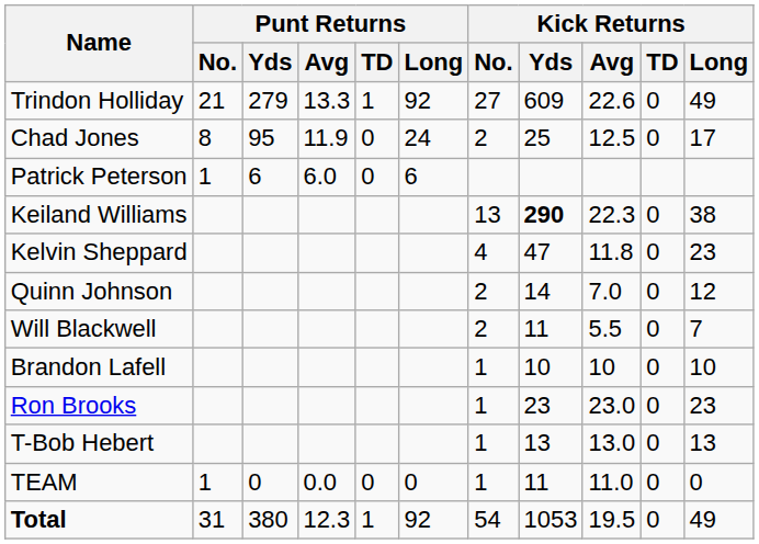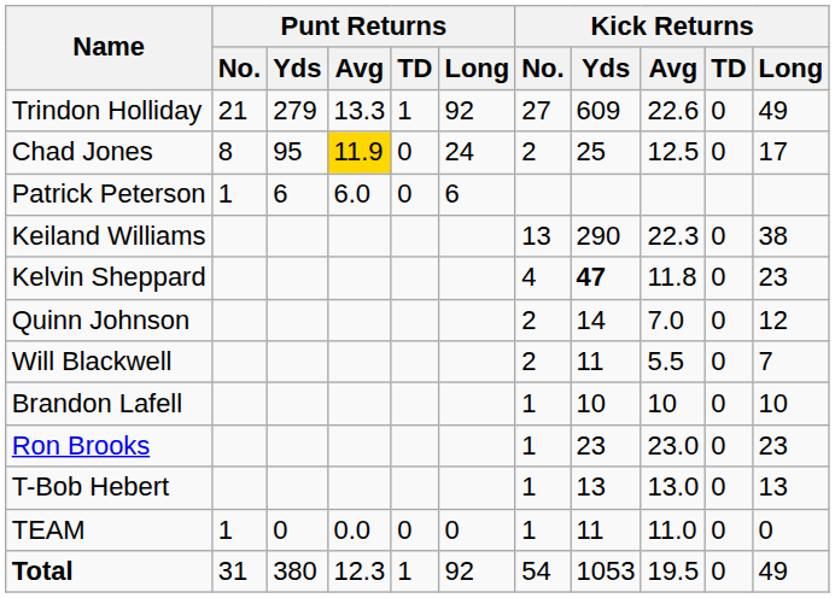 <table class="wikitable" style="white-space:nowrap;">
 <tr>
 <th rowspan="2">Name</th>
 <th colspan="5">Punt Returns</th>
 <th colspan="5">Kick Returns</th>
 </tr>
 <tr>
 <th>No.</th>
 <th>Yds</th>
 <th>Avg</th>
 <th>TD</th>
 <th>Long</th>
 <th>No.</th>
 <th>Yds</th>
 <th>Avg</th>
 <th>TD</th>
 <th>Long</th>
 </tr>
 <tr>
 <td>Trindon Holliday</td>
 <td>21</td>
 <td>279</td>
 <td>13.3</td>
 <td>1</td>
 <td>92</td>
 <td>27</td>
 <td>609</td>
 <td>22.6</td>
 <td>0</td>
 <td>49</td>
 </tr>
 <tr>
 <td>Chad Jones</td>
 <td>8</td>
 <td>95</td>
-<td>11.9</td>
+<td style="background: gold;">11.9</td>
 <td>0</td>
 <td>24</td>
 <td>2</td>
 <td>25</td>
 <td>12.5</td>
 <td>0</td>
 <td>17</td>
 </tr>
 <tr>
 <td>Patrick Peterson</td>
 <td>1</td>
 <td>6</td>
 <td>6.0</td>
 <td>0</td>
 <td>6</td>
 <td></td>
 <td></td>
 <td></td>
 <td></td>
 <td></td>
 </tr>
 <tr>
 <td>Keiland Williams</td>
 <td></td>
 <td></td>
 <td></td>
 <td></td>
 <td></td>
 <td>13</td>
-<td><strong>290</strong></td>
+<td>290</td>
 <td>22.3</td>
 <td>0</td>
 <td>38</td>
 </tr>
 <tr>
 <td>Kelvin Sheppard</td>
 <td></td>
 <td></td>
 <td></td>
 <td></td>
 <td></td>
 <td>4</td>
-<td>47</td>
+<td><strong>47</strong></td>
 <td>11.8</td>
 <td>0</td>
 <td>23</td>
 </tr>
 <tr>
 <td>Quinn Johnson</td>
 <td></td>
 <td></td>
 <td></td>
 <td></td>
 <td></td>
 <td>2</td>
 <td>14</td>
 <td>7.0</td>
 <td>0</td>
 <td>12</td>
 </tr>
 <tr>
 <td>Will Blackwell</td>
 <td></td>
 <td></td>
 <td></td>
 <td></td>
 <td></td>
 <td>2</td>
 <td>11</td>
 <td>5.5</td>
 <td>0</td>
 <td>7</td>
 </tr>
 <tr>
 <td>Brandon Lafell</td>
 <td></td>
 <td></td>
 <td></td>
 <td></td>
 <td></td>
 <td>1</td>
 <td>10</td>
 <td>10</td>
 <td>0</td>
 <td>10</td>
 </tr>
 <tr>
 <td><a href='#'>Ron Brooks</a></td>
 <td></td>
 <td></td>
 <td></td>
 <td></td>
 <td></td>
 <td>1</td>
 <td>23</td>
 <td>23.0</td>
 <td>0</td>
 <td>23</td>
 </tr>
 <tr>
 <td>T-Bob Hebert</td>
 <td></td>
 <td></td>
 <td></td>
 <td></td>
 <td></td>
 <td>1</td>
 <td>13</td>
 <td>13.0</td>
 <td>0</td>
 <td>13</td>
 </tr>
 <tr>
 <td>TEAM</td>
 <td>1</td>
 <td>0</td>
 <td>0.0</td>
 <td>0</td>
 <td>0</td>
 <td>1</td>
 <td>11</td>
 <td>11.0</td>
 <td>0</td>
 <td>0</td>
 </tr>
 <tr>
 <td><strong>Total</strong></td>
 <td>31</td>
 <td>380</td>
 <td>12.3</td>
 <td>1</td>
 <td>92</td>
 <td>54</td>
 <td>1053</td>
 <td>19.5</td>
 <td>0</td>
 <td>49</td>
 </tr>
 </table>
